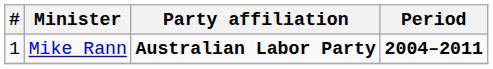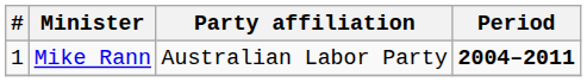 <table class="wikitable">
 <tr>
 <th>#</th>
 <th>Minister</th>
 <th>Party affiliation</th>
 <th>Period</th>
 </tr>
 <tr>
 <td>1</td>
 <td><a href='#'>Mike Rann</a></td>
-<td><strong>Australian Labor Party</strong></td>
+<td>Australian Labor Party</td>
 <td><strong>2004–2011</strong></td>
 </tr>
 <tr>
 </tr>
 </table>
